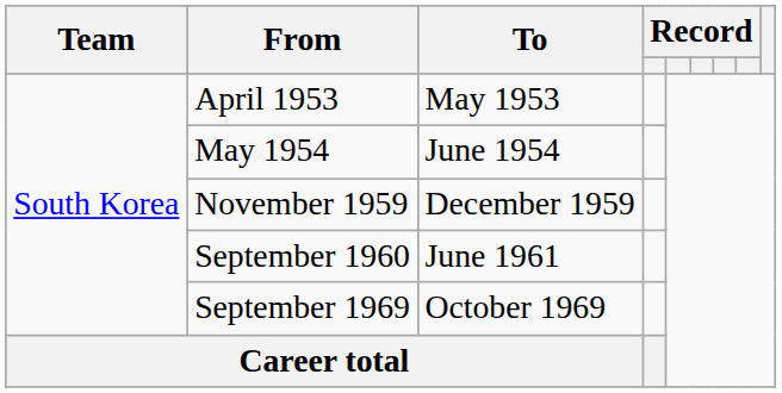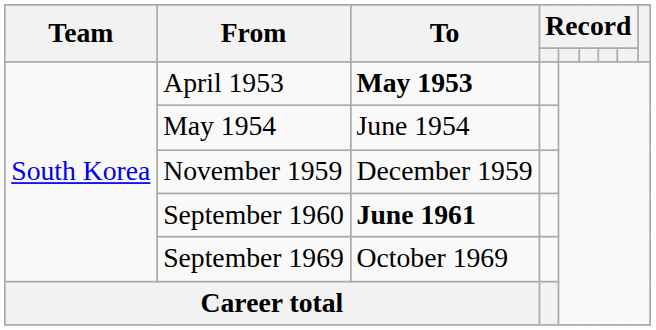 <table class=wikitable>
 <tr>
 <th rowspan=2>Team</th>
 <th rowspan=2>From</th>
 <th rowspan=2>To</th>
 <th colspan=5>Record</th>
 <th rowspan=2></th>
 </tr>
 <tr>
 <th></th>
 <th></th>
 <th></th>
 <th></th>
 <th></th>
 </tr>
 <tr>
 <td align="center" rowspan=5><a href='#'>South Korea</a></td>
 <td>April 1953</td>
-<td>May 1953<br></td>
+<td><strong>May 1953<br></strong></td>
 <td></td>
 </tr>
 <tr>
 <td>May 1954</td>
 <td>June 1954<br></td>
 <td></td>
 </tr>
 <tr>
 <td>November 1959</td>
 <td>December 1959<br></td>
 <td></td>
 </tr>
 <tr>
 <td>September 1960</td>
-<td>June 1961<br></td>
+<td><strong>June 1961<br></strong></td>
 <td></td>
 </tr>
 <tr>
 <td>September 1969</td>
 <td>October 1969<br></td>
 <td></td>
 </tr>
 <tr>
 <th colspan="3">Career total<br></th>
 <th></th>
 </tr>
 </table>
